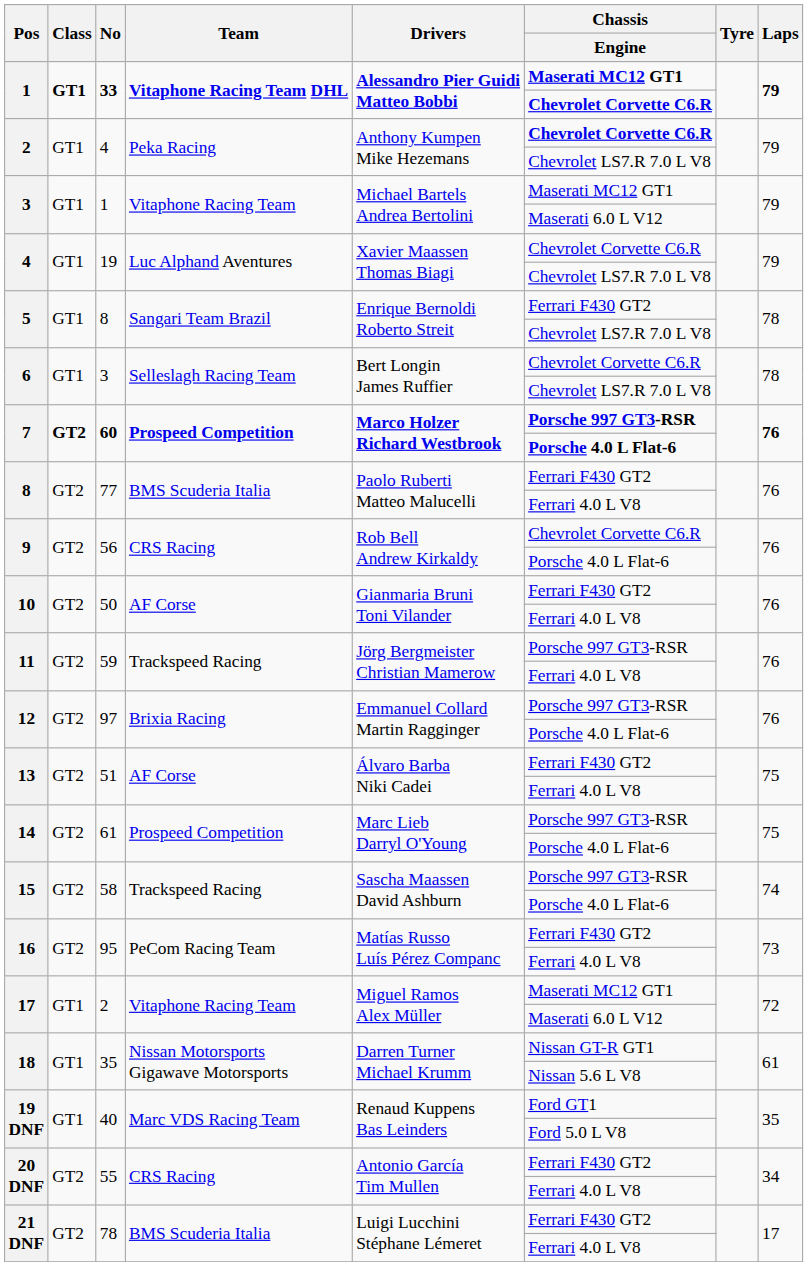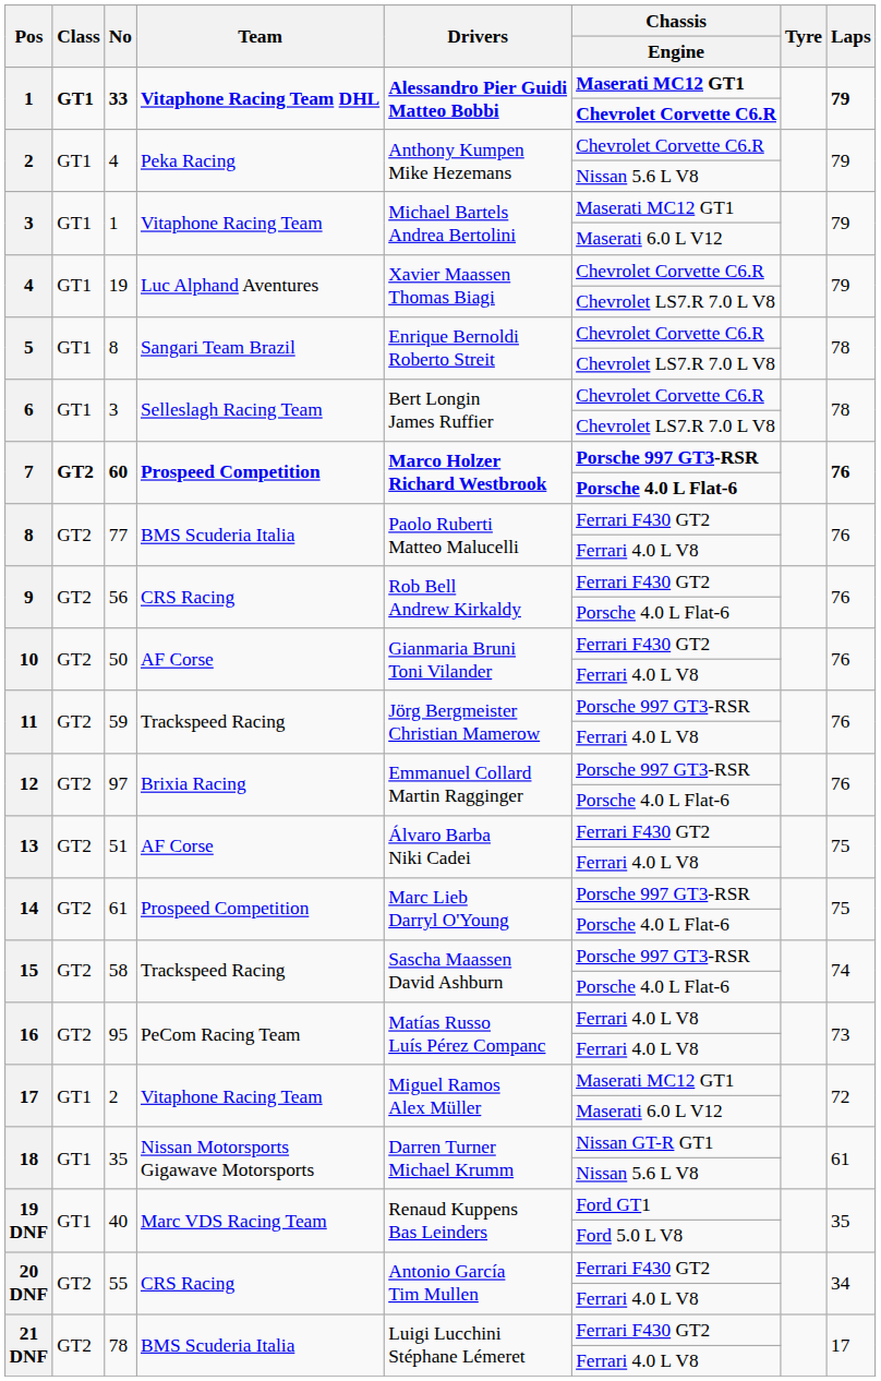 <table class="wikitable" style="font-size: 95%;">
 <tr>
 <th rowspan=2>Pos</th>
 <th rowspan=2>Class</th>
 <th rowspan=2>No</th>
 <th rowspan=2>Team</th>
 <th rowspan=2>Drivers</th>
 <th>Chassis</th>
 <th rowspan=2>Tyre</th>
 <th rowspan=2>Laps</th>
 </tr>
 <tr>
 <th>Engine</th>
 </tr>
 <tr style="font-weight:bold">
 <th rowspan=2>1</th>
 <td rowspan=2>GT1</td>
 <td rowspan=2>33</td>
 <td rowspan=2> <a href='#'>Vitaphone Racing Team</a> <a href='#'>DHL</a></td>
 <td rowspan=2> <a href='#'>Alessandro Pier Guidi</a><br> <a href='#'>Matteo Bobbi</a></td>
 <td><a href='#'>Maserati MC12</a> GT1</td>
 <td rowspan=2></td>
 <td rowspan=2>79</td>
 </tr>
 <tr style="font-weight:bold">
 <td><a href='#'>Chevrolet Corvette C6.R</a></td>
 </tr>
 <tr>
 <th rowspan=2>2</th>
 <td rowspan=2>GT1</td>
 <td rowspan=2>4</td>
 <td rowspan=2> <a href='#'>Peka Racing</a></td>
 <td rowspan=2> <a href='#'>Anthony Kumpen</a><br> Mike Hezemans</td>
-<td><strong><a href='#'>Chevrolet Corvette C6.R</a></strong></td>
+<td><a href='#'>Chevrolet Corvette C6.R</a></td>
 <td rowspan=2></td>
 <td rowspan=2>79</td>
 </tr>
 <tr>
-<td><a href='#'>Chevrolet</a> LS7.R 7.0 L V8</td>
+<td><a href='#'>Nissan</a> 5.6 L V8</td>
 </tr>
 <tr>
 <th rowspan=2>3</th>
 <td rowspan=2>GT1</td>
 <td rowspan=2>1</td>
 <td rowspan=2> <a href='#'>Vitaphone Racing Team</a></td>
 <td rowspan=2> <a href='#'>Michael Bartels</a><br> <a href='#'>Andrea Bertolini</a></td>
 <td><a href='#'>Maserati MC12</a> GT1</td>
 <td rowspan=2></td>
 <td rowspan=2>79</td>
 </tr>
 <tr>
 <td><a href='#'>Maserati</a> 6.0 L V12</td>
 </tr>
 <tr>
 <th rowspan=2>4</th>
 <td rowspan=2>GT1</td>
 <td rowspan=2>19</td>
 <td rowspan=2> <a href='#'>Luc Alphand</a> Aventures</td>
 <td rowspan=2> <a href='#'>Xavier Maassen</a><br> <a href='#'>Thomas Biagi</a></td>
 <td><a href='#'>Chevrolet Corvette C6.R</a></td>
 <td rowspan=2></td>
 <td rowspan=2>79</td>
 </tr>
 <tr>
 <td><a href='#'>Chevrolet</a> LS7.R 7.0 L V8</td>
 </tr>
 <tr>
 <th rowspan=2>5</th>
 <td rowspan=2>GT1</td>
 <td rowspan=2>8</td>
 <td rowspan=2> <a href='#'>Sangari Team Brazil</a></td>
 <td rowspan=2> <a href='#'>Enrique Bernoldi</a><br> <a href='#'>Roberto Streit</a></td>
-<td><a href='#'>Ferrari F430</a> GT2</td>
+<td><a href='#'>Chevrolet Corvette C6.R</a></td>
 <td rowspan=2></td>
 <td rowspan=2>78</td>
 </tr>
 <tr>
 <td><a href='#'>Chevrolet</a> LS7.R 7.0 L V8</td>
 </tr>
 <tr>
 <th rowspan=2>6</th>
 <td rowspan=2>GT1</td>
 <td rowspan=2>3</td>
 <td rowspan=2> <a href='#'>Selleslagh Racing Team</a></td>
 <td rowspan=2> Bert Longin<br> James Ruffier</td>
 <td><a href='#'>Chevrolet Corvette C6.R</a></td>
 <td rowspan=2></td>
 <td rowspan=2>78</td>
 </tr>
 <tr>
 <td><a href='#'>Chevrolet</a> LS7.R 7.0 L V8</td>
 </tr>
 <tr style="font-weight:bold">
 <th rowspan=2>7</th>
 <td rowspan=2>GT2</td>
 <td rowspan=2>60</td>
 <td rowspan=2> <a href='#'>Prospeed Competition</a></td>
 <td rowspan=2> <a href='#'>Marco Holzer</a><br> <a href='#'>Richard Westbrook</a></td>
 <td><a href='#'>Porsche 997 GT3</a>-RSR</td>
 <td rowspan=2></td>
 <td rowspan=2>76</td>
 </tr>
 <tr style="font-weight:bold">
 <td><a href='#'>Porsche</a> 4.0 L Flat-6</td>
 </tr>
 <tr>
 <th rowspan=2>8</th>
 <td rowspan=2>GT2</td>
 <td rowspan=2>77</td>
 <td rowspan=2> <a href='#'>BMS Scuderia Italia</a></td>
 <td rowspan=2> <a href='#'>Paolo Ruberti</a><br> Matteo Malucelli</td>
 <td><a href='#'>Ferrari F430</a> GT2</td>
 <td rowspan=2></td>
 <td rowspan=2>76</td>
 </tr>
 <tr>
 <td><a href='#'>Ferrari</a> 4.0 L V8</td>
 </tr>
 <tr>
 <th rowspan=2>9</th>
 <td rowspan=2>GT2</td>
 <td rowspan=2>56</td>
 <td rowspan=2> <a href='#'>CRS Racing</a></td>
 <td rowspan=2> <a href='#'>Rob Bell</a><br> <a href='#'>Andrew Kirkaldy</a></td>
-<td><a href='#'>Chevrolet Corvette C6.R</a></td>
+<td><a href='#'>Ferrari F430</a> GT2</td>
 <td rowspan=2></td>
 <td rowspan=2>76</td>
 </tr>
 <tr>
 <td><a href='#'>Porsche</a> 4.0 L Flat-6</td>
 </tr>
 <tr>
 <th rowspan=2>10</th>
 <td rowspan=2>GT2</td>
 <td rowspan=2>50</td>
 <td rowspan=2> <a href='#'>AF Corse</a></td>
 <td rowspan=2> <a href='#'>Gianmaria Bruni</a><br> <a href='#'>Toni Vilander</a></td>
 <td><a href='#'>Ferrari F430</a> GT2</td>
 <td rowspan=2></td>
 <td rowspan=2>76</td>
 </tr>
 <tr>
 <td><a href='#'>Ferrari</a> 4.0 L V8</td>
 </tr>
 <tr>
 <th rowspan=2>11</th>
 <td rowspan=2>GT2</td>
 <td rowspan=2>59</td>
 <td rowspan=2> Trackspeed Racing</td>
 <td rowspan=2> <a href='#'>Jörg Bergmeister</a><br> <a href='#'>Christian Mamerow</a></td>
 <td><a href='#'>Porsche 997 GT3</a>-RSR</td>
 <td rowspan=2></td>
 <td rowspan=2>76</td>
 </tr>
 <tr>
 <td><a href='#'>Ferrari</a> 4.0 L V8</td>
 </tr>
 <tr>
 <th rowspan=2>12</th>
 <td rowspan=2>GT2</td>
 <td rowspan=2>97</td>
 <td rowspan=2> <a href='#'>Brixia Racing</a></td>
 <td rowspan=2> <a href='#'>Emmanuel Collard</a><br> Martin Ragginger</td>
 <td><a href='#'>Porsche 997 GT3</a>-RSR</td>
 <td rowspan=2></td>
 <td rowspan=2>76</td>
 </tr>
 <tr>
 <td><a href='#'>Porsche</a> 4.0 L Flat-6</td>
 </tr>
 <tr>
 <th rowspan=2>13</th>
 <td rowspan=2>GT2</td>
 <td rowspan=2>51</td>
 <td rowspan=2> <a href='#'>AF Corse</a></td>
 <td rowspan=2> <a href='#'>Álvaro Barba</a><br> Niki Cadei</td>
 <td><a href='#'>Ferrari F430</a> GT2</td>
 <td rowspan=2></td>
 <td rowspan=2>75</td>
 </tr>
 <tr>
 <td><a href='#'>Ferrari</a> 4.0 L V8</td>
 </tr>
 <tr>
 <th rowspan=2>14</th>
 <td rowspan=2>GT2</td>
 <td rowspan=2>61</td>
 <td rowspan=2> <a href='#'>Prospeed Competition</a></td>
 <td rowspan=2> <a href='#'>Marc Lieb</a><br> <a href='#'>Darryl O'Young</a></td>
 <td><a href='#'>Porsche 997 GT3</a>-RSR</td>
 <td rowspan=2></td>
 <td rowspan=2>75</td>
 </tr>
 <tr>
 <td><a href='#'>Porsche</a> 4.0 L Flat-6</td>
 </tr>
 <tr>
 <th rowspan=2>15</th>
 <td rowspan=2>GT2</td>
 <td rowspan=2>58</td>
 <td rowspan=2> Trackspeed Racing</td>
 <td rowspan=2> <a href='#'>Sascha Maassen</a><br> David Ashburn</td>
 <td><a href='#'>Porsche 997 GT3</a>-RSR</td>
 <td rowspan=2></td>
 <td rowspan=2>74</td>
 </tr>
 <tr>
 <td><a href='#'>Porsche</a> 4.0 L Flat-6</td>
 </tr>
 <tr>
 <th rowspan=2>16</th>
 <td rowspan=2>GT2</td>
 <td rowspan=2>95</td>
 <td rowspan=2> PeCom Racing Team</td>
 <td rowspan=2> <a href='#'>Matías Russo</a><br> <a href='#'>Luís Pérez Companc</a></td>
-<td><a href='#'>Ferrari F430</a> GT2</td>
+<td><a href='#'>Ferrari</a> 4.0 L V8</td>
 <td rowspan=2></td>
 <td rowspan=2>73</td>
 </tr>
 <tr>
 <td><a href='#'>Ferrari</a> 4.0 L V8</td>
 </tr>
 <tr>
 <th rowspan=2>17</th>
 <td rowspan=2>GT1</td>
 <td rowspan=2>2</td>
 <td rowspan=2> <a href='#'>Vitaphone Racing Team</a></td>
 <td rowspan=2> <a href='#'>Miguel Ramos</a><br> <a href='#'>Alex Müller</a></td>
 <td><a href='#'>Maserati MC12</a> GT1</td>
 <td rowspan=2></td>
 <td rowspan=2>72</td>
 </tr>
 <tr>
 <td><a href='#'>Maserati</a> 6.0 L V12</td>
 </tr>
 <tr>
 <th rowspan=2>18</th>
 <td rowspan=2>GT1</td>
 <td rowspan=2>35</td>
 <td rowspan=2> <a href='#'>Nissan Motorsports</a><br> Gigawave Motorsports</td>
 <td rowspan=2> <a href='#'>Darren Turner</a><br> <a href='#'>Michael Krumm</a></td>
 <td><a href='#'>Nissan GT-R</a> GT1</td>
 <td rowspan=2></td>
 <td rowspan=2>61</td>
 </tr>
 <tr>
 <td><a href='#'>Nissan</a> 5.6 L V8</td>
 </tr>
 <tr>
 <th rowspan=2>19<br>DNF</th>
 <td rowspan=2>GT1</td>
 <td rowspan=2>40</td>
 <td rowspan=2> <a href='#'>Marc VDS Racing Team</a></td>
 <td rowspan=2> Renaud Kuppens<br> <a href='#'>Bas Leinders</a></td>
 <td><a href='#'>Ford GT</a>1</td>
 <td rowspan=2></td>
 <td rowspan=2>35</td>
 </tr>
 <tr>
 <td><a href='#'>Ford</a> 5.0 L V8</td>
 </tr>
 <tr>
 <th rowspan=2>20<br>DNF</th>
 <td rowspan=2>GT2</td>
 <td rowspan=2>55</td>
 <td rowspan=2> <a href='#'>CRS Racing</a></td>
 <td rowspan=2> <a href='#'>Antonio García</a><br> <a href='#'>Tim Mullen</a></td>
 <td><a href='#'>Ferrari F430</a> GT2</td>
 <td rowspan=2></td>
 <td rowspan=2>34</td>
 </tr>
 <tr>
 <td><a href='#'>Ferrari</a> 4.0 L V8</td>
 </tr>
 <tr>
 <th rowspan=2>21<br>DNF</th>
 <td rowspan=2>GT2</td>
 <td rowspan=2>78</td>
 <td rowspan=2> <a href='#'>BMS Scuderia Italia</a></td>
 <td rowspan=2> Luigi Lucchini<br> Stéphane Lémeret</td>
 <td><a href='#'>Ferrari F430</a> GT2</td>
 <td rowspan=2></td>
 <td rowspan=2>17</td>
 </tr>
 <tr>
 <td><a href='#'>Ferrari</a> 4.0 L V8</td>
 </tr>
 <tr>
 </tr>
 </table>
